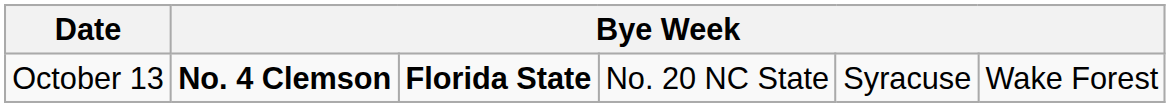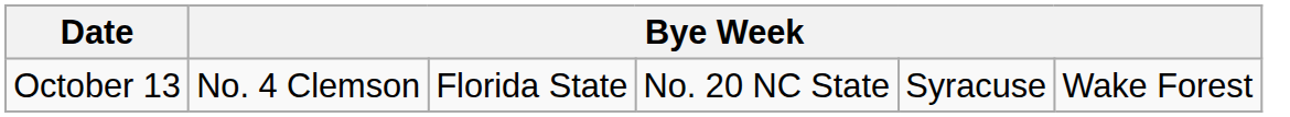 <table class="wikitable" style="font-size:95%;">
 <tr>
 <th>Date</th>
 <th colspan="5">Bye Week</th>
 </tr>
 <tr>
 <td>October 13</td>
-<td><strong>No. 4 Clemson</strong></td>
-<td><strong>Florida State</strong></td>
+<td>No. 4 Clemson</td>
+<td>Florida State</td>
 <td>No. 20 NC State</td>
 <td>Syracuse</td>
 <td>Wake Forest</td>
 </tr>
 </table>
